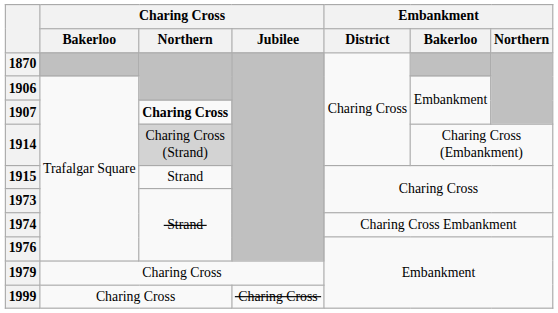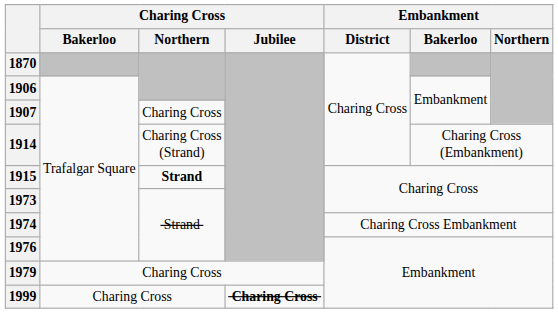 <table class="wikitable mw-collapsible" style="text-align:center;font-size:75%;margin-left:1em;">
 <tr>
 <th rowspan="2"> </th>
 <th colspan="3">Charing Cross</th>
 <th colspan="3">Embankment</th>
 </tr>
 <tr>
 <th style="background:#">Bakerloo</th>
 <th style="background:#">Northern</th>
 <th style="background:#">Jubilee</th>
 <th style="background:#">District</th>
 <th style="background:#">Bakerloo</th>
 <th style="background:#">Northern</th>
 </tr>
 <tr>
 <th>1870</th>
 <td style="background:silver;"> </td>
 <td style="background:silver;" rowspan="2"> </td>
 <td style="background:silver;" rowspan="8"> </td>
 <td rowspan="4">Charing Cross</td>
 <td style="background:silver;"> </td>
 <td style="background:silver;" rowspan="3"> </td>
 </tr>
 <tr>
 <th>1906</th>
 <td rowspan="7">Trafalgar Square</td>
 <td rowspan="2">Embankment</td>
 </tr>
 <tr>
 <th>1907</th>
-<td><strong>Charing Cross</strong></td>
+<td>Charing Cross</td>
 </tr>
 <tr>
 <th>1914</th>
-<td style="background: lightgrey;">Charing Cross<br>(Strand)</td>
+<td>Charing Cross<br>(Strand)</td>
 <td colspan="2">Charing Cross<br>(Embankment)</td>
 </tr>
 <tr>
 <th>1915</th>
-<td>Strand</td>
+<td><strong>Strand</strong></td>
 <td colspan="3" rowspan="2">Charing Cross</td>
 </tr>
 <tr>
 <th>1973</th>
 <td rowspan="3"><s> Strand </s><br></td>
 </tr>
 <tr>
 <th>1974</th>
 <td colspan="3">Charing Cross Embankment</td>
 </tr>
 <tr>
 <th>1976</th>
 <td colspan="3" rowspan="3">Embankment</td>
 </tr>
 <tr>
 <th>1979</th>
 <td colspan="3">Charing Cross</td>
 </tr>
 <tr>
 <th>1999</th>
 <td colspan="2">Charing Cross</td>
-<td><s> Charing Cross </s><br></td>
+<td><strong><s> Charing Cross </s><br></strong></td>
 </tr>
 </table>
